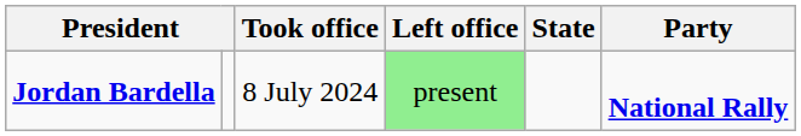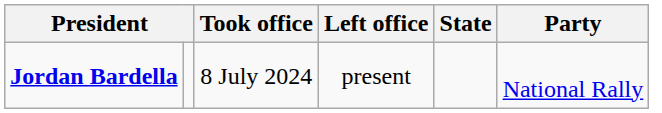 <table class="wikitable" style="text-align:center">
 <tr>
 <th colspan=2>President</th>
 <th>Took office</th>
 <th>Left office</th>
 <th>State</th>
 <th>Party</th>
 </tr>
 <tr>
 <td><strong><a href='#'>Jordan Bardella</a></strong></td>
 <td></td>
 <td>8 July 2024</td>
-<td style="background: lightgreen;">present</td>
+<td>present</td>
 <td></td>
-<td><strong><br><a href='#'>National Rally</a></strong></td>
+<td><br><a href='#'>National Rally</a></td>
 </tr>
 </table>
